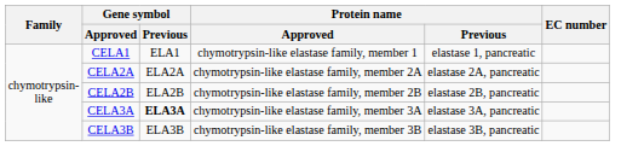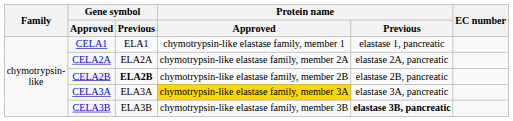 <table class="wikitable" style="text-align:center">
 <tr>
 <th rowspan = 2>Family</th>
 <th colspan = 2>Gene symbol</th>
 <th colspan = 2>Protein name</th>
 <th rowspan = 2>EC number</th>
 </tr>
 <tr>
 <th>Approved</th>
 <th>Previous</th>
 <th>Approved</th>
 <th>Previous</th>
 </tr>
 <tr>
 <td rowspan = 5>chymotrypsin-<br>like</td>
 <td><a href='#'>CELA1</a></td>
 <td>ELA1</td>
 <td>chymotrypsin-like elastase family, member 1</td>
 <td>elastase 1, pancreatic</td>
 <td></td>
 </tr>
 <tr>
 <td><a href='#'>CELA2A</a></td>
 <td>ELA2A</td>
 <td>chymotrypsin-like elastase family, member 2A</td>
 <td>elastase 2A, pancreatic</td>
 <td></td>
 </tr>
 <tr>
 <td><a href='#'>CELA2B</a></td>
-<td>ELA2B</td>
+<td><strong>ELA2B</strong></td>
 <td>chymotrypsin-like elastase family, member 2B</td>
 <td>elastase 2B, pancreatic</td>
 <td></td>
 </tr>
 <tr>
 <td><a href='#'>CELA3A</a></td>
-<td><strong>ELA3A</strong></td>
-<td>chymotrypsin-like elastase family, member 3A</td>
+<td>ELA3A</td>
+<td style="background: gold;">chymotrypsin-like elastase family, member 3A</td>
 <td>elastase 3A, pancreatic</td>
 <td></td>
 </tr>
 <tr>
 <td><a href='#'>CELA3B</a></td>
 <td>ELA3B</td>
 <td>chymotrypsin-like elastase family, member 3B</td>
-<td>elastase 3B, pancreatic</td>
+<td><strong>elastase 3B, pancreatic</strong></td>
 <td></td>
 </tr>
 </table>
